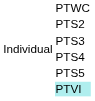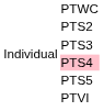 <table>
 <tr>
 <td rowspan=6>Individual</td>
 <td>PTWC<br></td>
 <td></td>
 <td></td>
 <td></td>
 </tr>
 <tr>
 <td>PTS2<br></td>
 <td></td>
 <td></td>
 <td></td>
 </tr>
 <tr>
 <td>PTS3<br></td>
 <td></td>
 <td></td>
 <td></td>
 </tr>
 <tr>
-<td>PTS4<br></td>
+<td style="background: pink;">PTS4<br></td>
 <td></td>
 <td></td>
 <td></td>
 </tr>
 <tr>
 <td>PTS5<br></td>
 <td></td>
 <td></td>
 <td></td>
 </tr>
 <tr>
-<td style="background: paleturquoise;">PTVI<br></td>
+<td>PTVI<br></td>
 <td></td>
 <td></td>
 <td></td>
 </tr>
 </table>
